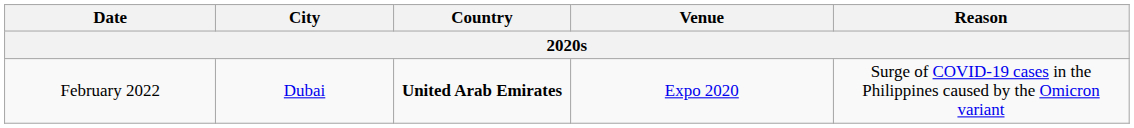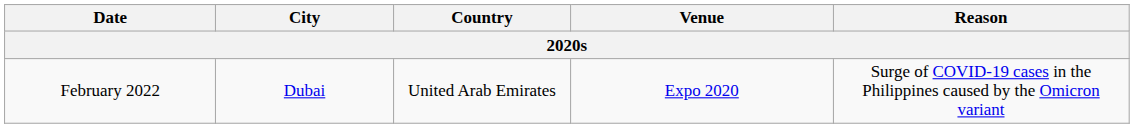 <table class="wikitable plainrowheaders" style="text-align:center;">
 <tr>
 <th scope="col" style="width:12em;">Date</th>
 <th scope="col" style="width:10em;">City</th>
 <th scope="col" style="width:10em;">Country</th>
 <th scope="col" style="width:15em;">Venue</th>
 <th scope="col" style="width:17em;">Reason</th>
 </tr>
 <tr>
 <th colspan="5">2020s</th>
 </tr>
 <tr>
 <td style="text-align:center;">February 2022</td>
 <td><a href='#'>Dubai</a></td>
-<td><strong>United Arab Emirates</strong></td>
+<td>United Arab Emirates</td>
 <td><a href='#'>Expo 2020</a></td>
 <td>Surge of <a href='#'>COVID-19 cases</a> in the Philippines caused by the <a href='#'>Omicron variant</a></td>
 </tr>
 </table>
